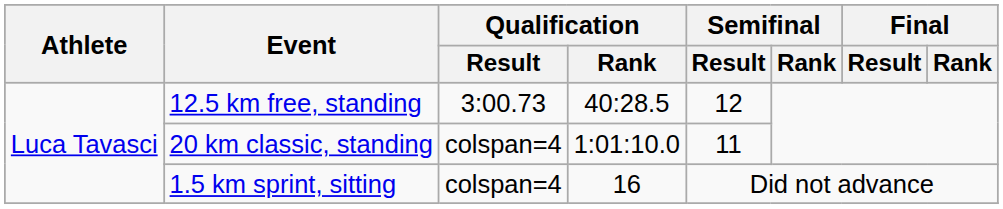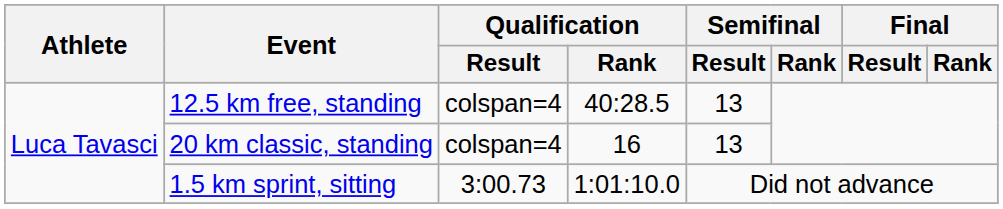 <table class="wikitable" style="font-size:90%">
 <tr>
 <th rowspan=2>Athlete</th>
 <th rowspan=2>Event</th>
 <th colspan=2>Qualification</th>
 <th colspan=2>Semifinal</th>
 <th colspan=2>Final</th>
 </tr>
 <tr style="font-size:95%">
 <th>Result</th>
 <th>Rank</th>
 <th>Result</th>
 <th>Rank</th>
 <th>Result</th>
 <th>Rank</th>
 </tr>
 <tr align=center>
 <td style="text-align:left;" rowspan="3"><a href='#'>Luca Tavasci</a></td>
 <td align=left><a href='#'>12.5 km free, standing</a></td>
-<td>3:00.73</td>
+<td>colspan=4 </td>
 <td>40:28.5</td>
-<td>12</td>
+<td>13</td>
 </tr>
 <tr align=center>
 <td align=left><a href='#'>20 km classic, standing</a></td>
 <td>colspan=4 </td>
-<td>1:01:10.0</td>
-<td>11</td>
+<td>16</td>
+<td>13</td>
 </tr>
 <tr align=center>
 <td align=left><a href='#'>1.5 km sprint, sitting</a></td>
-<td>colspan=4 </td>
-<td>16</td>
+<td>3:00.73</td>
+<td>1:01:10.0</td>
 <td colspan=4>Did not advance</td>
 </tr>
 </table>
